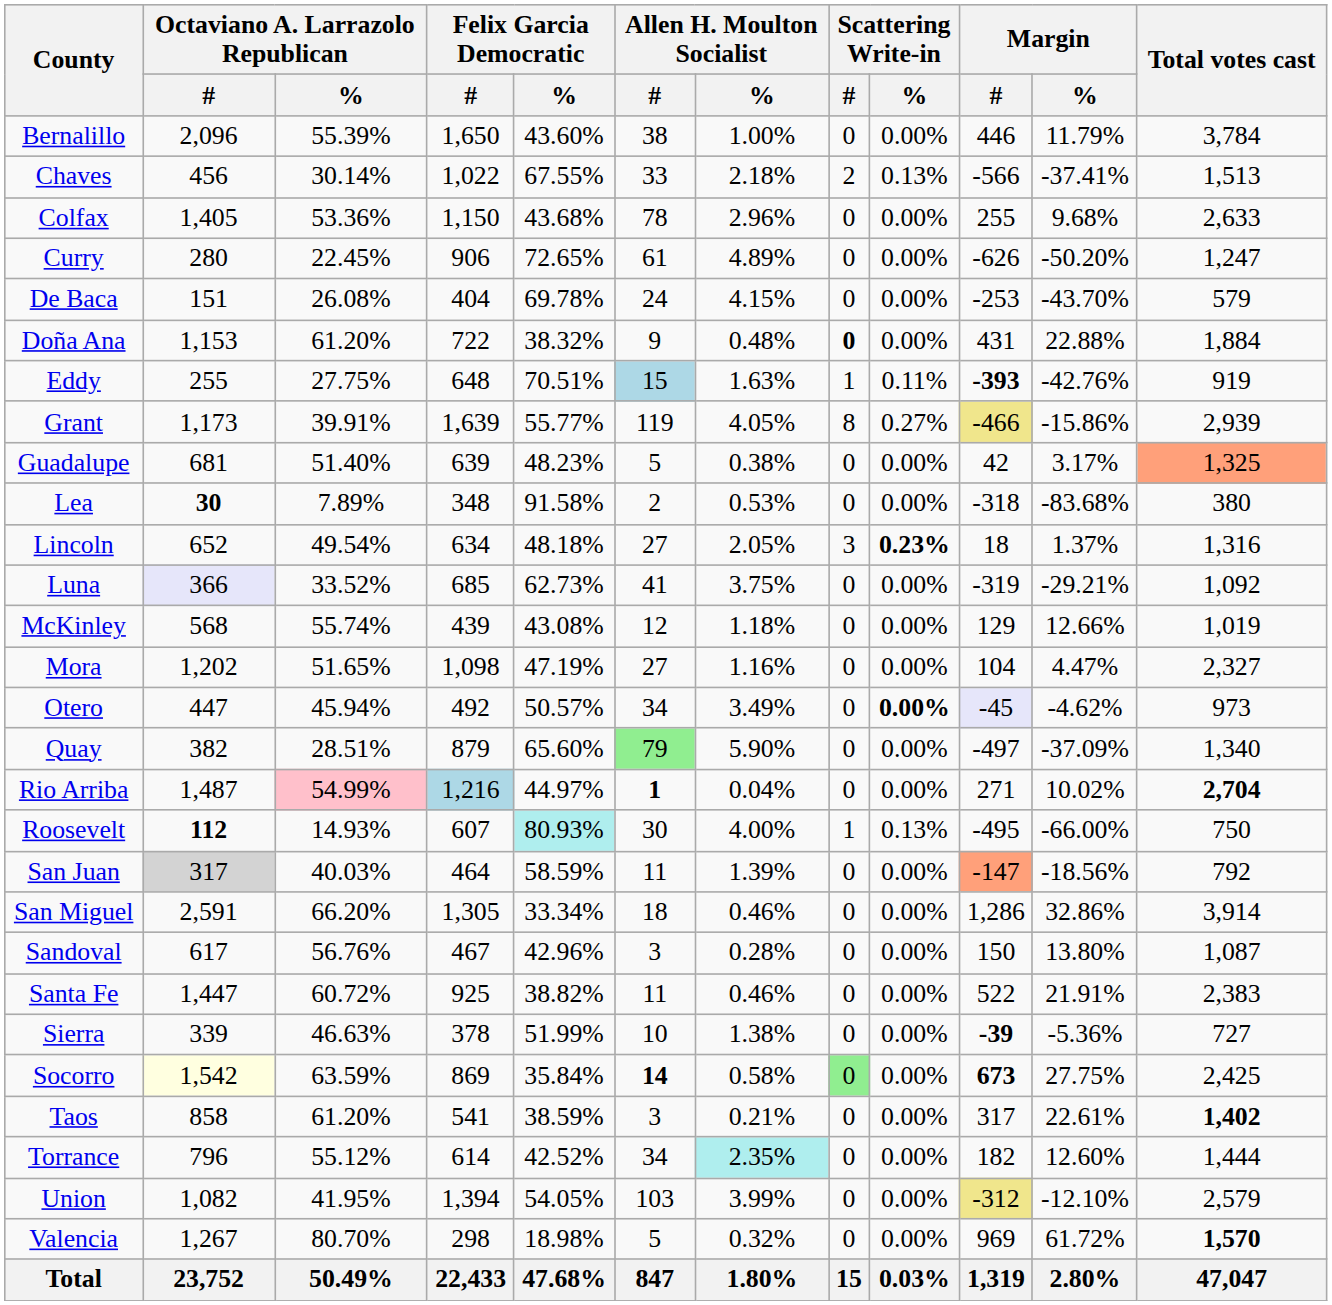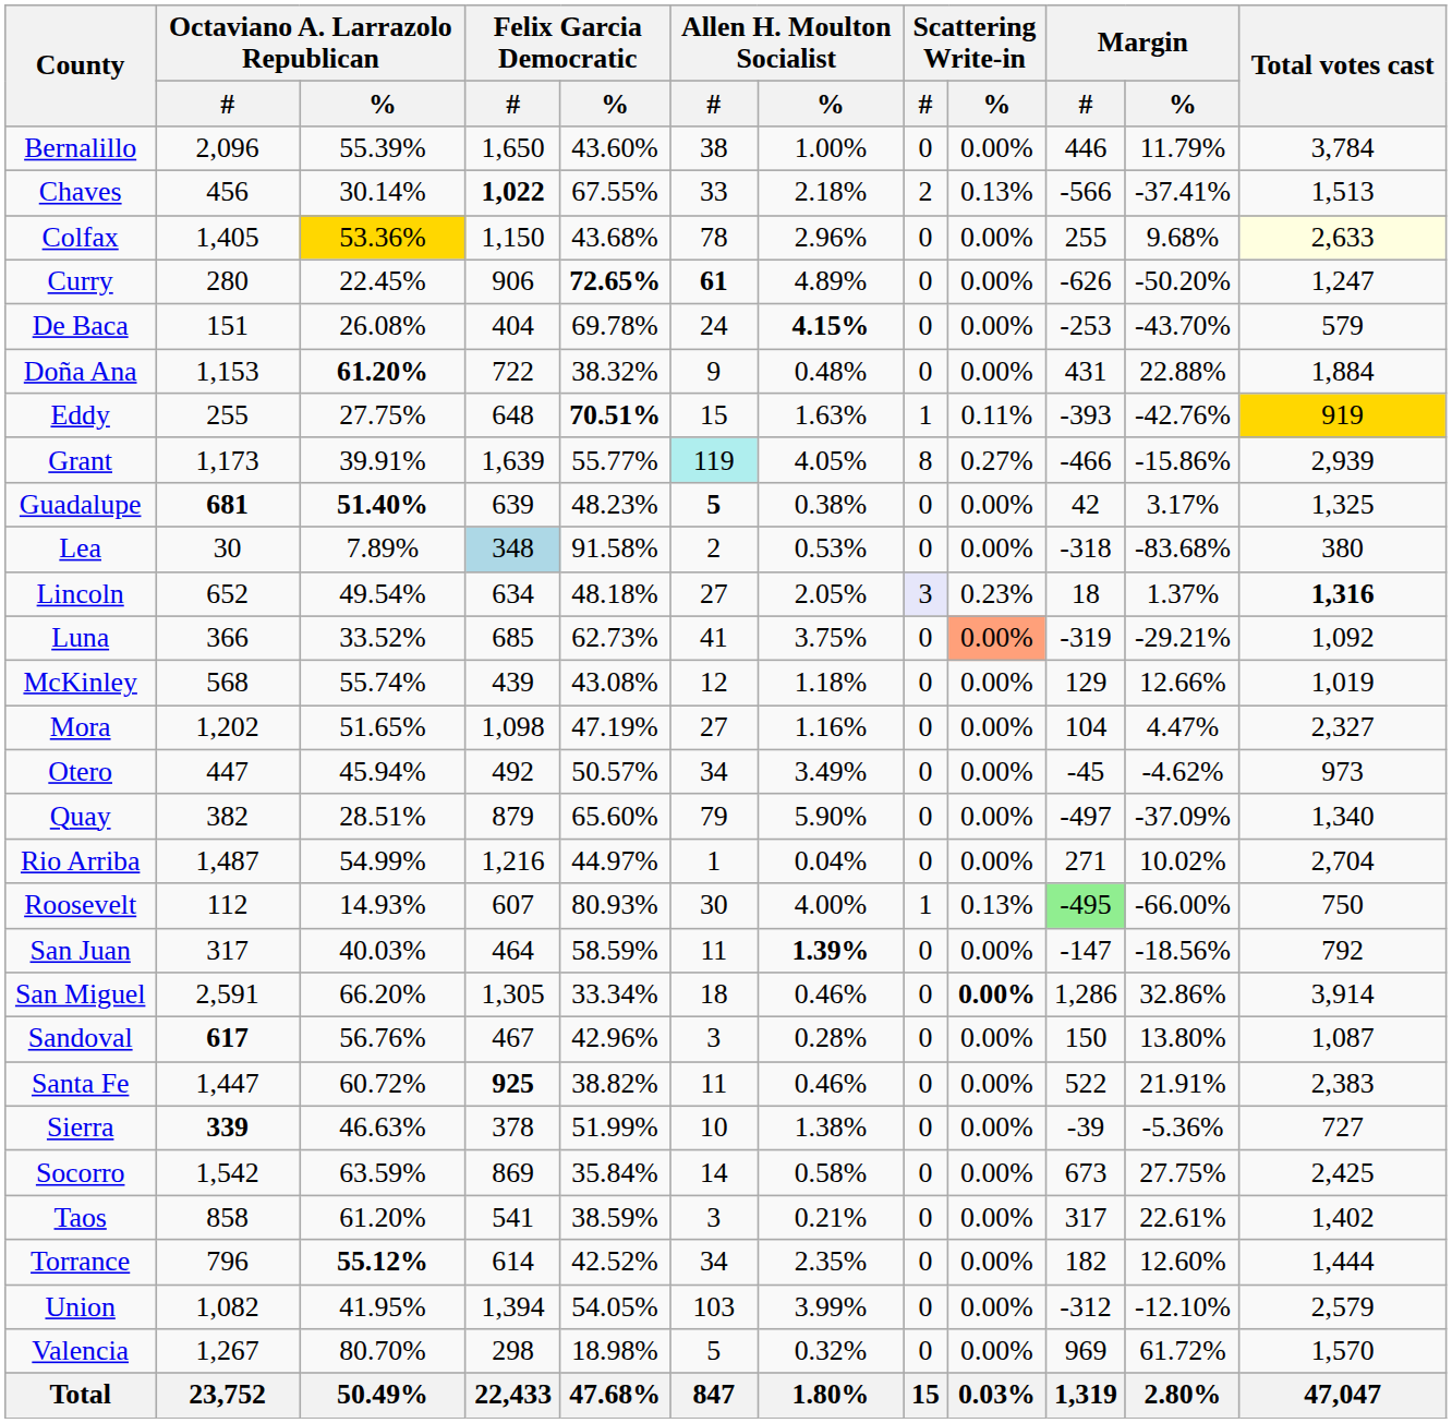 <table width="65%" class="wikitable sortable" style="text-align:center">
 <tr>
 <th style="text-align:center;" rowspan="2">County</th>
 <th style="text-align:center;" colspan="2">Octaviano A. Larrazolo<br>Republican</th>
 <th style="text-align:center;" colspan="2">Felix Garcia<br>Democratic</th>
 <th style="text-align:center;" colspan="2">Allen H. Moulton<br>Socialist</th>
 <th style="text-align:center;" colspan="2">Scattering<br>Write-in</th>
 <th style="text-align:center;" colspan="2">Margin</th>
 <th style="text-align:center;" rowspan="2">Total votes cast</th>
 </tr>
 <tr>
 <th style="text-align:center;" data-sort-type="number">#</th>
 <th style="text-align:center;" data-sort-type="number">%</th>
 <th style="text-align:center;" data-sort-type="number">#</th>
 <th style="text-align:center;" data-sort-type="number">%</th>
 <th style="text-align:center;" data-sort-type="number">#</th>
 <th style="text-align:center;" data-sort-type="number">%</th>
 <th style="text-align:center;" data-sort-type="number">#</th>
 <th style="text-align:center;" data-sort-type="number">%</th>
 <th style="text-align:center;" data-sort-type="number">#</th>
 <th style="text-align:center;" data-sort-type="number">%</th>
 </tr>
 <tr style="text-align:center;">
 <td><a href='#'>Bernalillo</a></td>
 <td>2,096</td>
 <td>55.39%</td>
 <td>1,650</td>
 <td>43.60%</td>
 <td>38</td>
 <td>1.00%</td>
 <td>0</td>
 <td>0.00%</td>
 <td>446</td>
 <td>11.79%</td>
 <td>3,784</td>
 </tr>
 <tr style="text-align:center;">
 <td><a href='#'>Chaves</a></td>
 <td>456</td>
 <td>30.14%</td>
-<td>1,022</td>
+<td><strong>1,022</strong></td>
 <td>67.55%</td>
 <td>33</td>
 <td>2.18%</td>
 <td>2</td>
 <td>0.13%</td>
 <td>-566</td>
 <td>-37.41%</td>
 <td>1,513</td>
 </tr>
 <tr style="text-align:center;">
 <td><a href='#'>Colfax</a></td>
 <td>1,405</td>
-<td>53.36%</td>
+<td style="background: gold;">53.36%</td>
 <td>1,150</td>
 <td>43.68%</td>
 <td>78</td>
 <td>2.96%</td>
 <td>0</td>
 <td>0.00%</td>
 <td>255</td>
 <td>9.68%</td>
-<td>2,633</td>
+<td style="background: lightyellow;">2,633</td>
 </tr>
 <tr style="text-align:center;">
 <td><a href='#'>Curry</a></td>
 <td>280</td>
 <td>22.45%</td>
 <td>906</td>
-<td>72.65%</td>
-<td>61</td>
+<td><strong>72.65%</strong></td>
+<td><strong>61</strong></td>
 <td>4.89%</td>
 <td>0</td>
 <td>0.00%</td>
 <td>-626</td>
 <td>-50.20%</td>
 <td>1,247</td>
 </tr>
 <tr style="text-align:center;">
 <td><a href='#'>De Baca</a></td>
 <td>151</td>
 <td>26.08%</td>
 <td>404</td>
 <td>69.78%</td>
 <td>24</td>
-<td>4.15%</td>
+<td><strong>4.15%</strong></td>
 <td>0</td>
 <td>0.00%</td>
 <td>-253</td>
 <td>-43.70%</td>
 <td>579</td>
 </tr>
 <tr style="text-align:center;">
 <td><a href='#'>Doña Ana</a></td>
 <td>1,153</td>
-<td>61.20%</td>
+<td><strong>61.20%</strong></td>
 <td>722</td>
 <td>38.32%</td>
 <td>9</td>
 <td>0.48%</td>
-<td><strong>0</strong></td>
+<td>0</td>
 <td>0.00%</td>
 <td>431</td>
 <td>22.88%</td>
 <td>1,884</td>
 </tr>
 <tr style="text-align:center;">
 <td><a href='#'>Eddy</a></td>
 <td>255</td>
 <td>27.75%</td>
 <td>648</td>
-<td>70.51%</td>
-<td style="background: lightblue;">15</td>
+<td><strong>70.51%</strong></td>
+<td>15</td>
 <td>1.63%</td>
 <td>1</td>
 <td>0.11%</td>
-<td><strong>-393</strong></td>
+<td>-393</td>
 <td>-42.76%</td>
-<td>919</td>
+<td style="background: gold;">919</td>
 </tr>
 <tr style="text-align:center;">
 <td><a href='#'>Grant</a></td>
 <td>1,173</td>
 <td>39.91%</td>
 <td>1,639</td>
 <td>55.77%</td>
-<td>119</td>
+<td style="background: paleturquoise;">119</td>
 <td>4.05%</td>
 <td>8</td>
 <td>0.27%</td>
-<td style="background: khaki;">-466</td>
+<td>-466</td>
 <td>-15.86%</td>
 <td>2,939</td>
 </tr>
 <tr style="text-align:center;">
 <td><a href='#'>Guadalupe</a></td>
-<td>681</td>
-<td>51.40%</td>
+<td><strong>681</strong></td>
+<td><strong>51.40%</strong></td>
 <td>639</td>
 <td>48.23%</td>
-<td>5</td>
+<td><strong>5</strong></td>
 <td>0.38%</td>
 <td>0</td>
 <td>0.00%</td>
 <td>42</td>
 <td>3.17%</td>
-<td style="background: lightsalmon;">1,325</td>
+<td>1,325</td>
 </tr>
 <tr style="text-align:center;">
 <td><a href='#'>Lea</a></td>
-<td><strong>30</strong></td>
+<td>30</td>
 <td>7.89%</td>
-<td>348</td>
+<td style="background: lightblue;">348</td>
 <td>91.58%</td>
 <td>2</td>
 <td>0.53%</td>
 <td>0</td>
 <td>0.00%</td>
 <td>-318</td>
 <td>-83.68%</td>
 <td>380</td>
 </tr>
 <tr style="text-align:center;">
 <td><a href='#'>Lincoln</a></td>
 <td>652</td>
 <td>49.54%</td>
 <td>634</td>
 <td>48.18%</td>
 <td>27</td>
 <td>2.05%</td>
-<td>3</td>
-<td><strong>0.23%</strong></td>
+<td style="background: lavender;">3</td>
+<td>0.23%</td>
 <td>18</td>
 <td>1.37%</td>
-<td>1,316</td>
+<td><strong>1,316</strong></td>
 </tr>
 <tr style="text-align:center;">
 <td><a href='#'>Luna</a></td>
-<td style="background: lavender;">366</td>
+<td>366</td>
 <td>33.52%</td>
 <td>685</td>
 <td>62.73%</td>
 <td>41</td>
 <td>3.75%</td>
 <td>0</td>
-<td>0.00%</td>
+<td style="background: lightsalmon;">0.00%</td>
 <td>-319</td>
 <td>-29.21%</td>
 <td>1,092</td>
 </tr>
 <tr style="text-align:center;">
 <td><a href='#'>McKinley</a></td>
 <td>568</td>
 <td>55.74%</td>
 <td>439</td>
 <td>43.08%</td>
 <td>12</td>
 <td>1.18%</td>
 <td>0</td>
 <td>0.00%</td>
 <td>129</td>
 <td>12.66%</td>
 <td>1,019</td>
 </tr>
 <tr style="text-align:center;">
 <td><a href='#'>Mora</a></td>
 <td>1,202</td>
 <td>51.65%</td>
 <td>1,098</td>
 <td>47.19%</td>
 <td>27</td>
 <td>1.16%</td>
 <td>0</td>
 <td>0.00%</td>
 <td>104</td>
 <td>4.47%</td>
 <td>2,327</td>
 </tr>
 <tr style="text-align:center;">
 <td><a href='#'>Otero</a></td>
 <td>447</td>
 <td>45.94%</td>
 <td>492</td>
 <td>50.57%</td>
 <td>34</td>
 <td>3.49%</td>
 <td>0</td>
-<td><strong>0.00%</strong></td>
-<td style="background: lavender;">-45</td>
+<td>0.00%</td>
+<td>-45</td>
 <td>-4.62%</td>
 <td>973</td>
 </tr>
 <tr style="text-align:center;">
 <td><a href='#'>Quay</a></td>
 <td>382</td>
 <td>28.51%</td>
 <td>879</td>
 <td>65.60%</td>
-<td style="background: lightgreen;">79</td>
+<td>79</td>
 <td>5.90%</td>
 <td>0</td>
 <td>0.00%</td>
 <td>-497</td>
 <td>-37.09%</td>
 <td>1,340</td>
 </tr>
 <tr style="text-align:center;">
 <td><a href='#'>Rio Arriba</a></td>
 <td>1,487</td>
-<td style="background: pink;">54.99%</td>
-<td style="background: lightblue;">1,216</td>
+<td>54.99%</td>
+<td>1,216</td>
 <td>44.97%</td>
-<td><strong>1</strong></td>
+<td>1</td>
 <td>0.04%</td>
 <td>0</td>
 <td>0.00%</td>
 <td>271</td>
 <td>10.02%</td>
-<td><strong>2,704</strong></td>
+<td>2,704</td>
 </tr>
 <tr style="text-align:center;">
 <td><a href='#'>Roosevelt</a></td>
-<td><strong>112</strong></td>
+<td>112</td>
 <td>14.93%</td>
 <td>607</td>
-<td style="background: paleturquoise;">80.93%</td>
+<td>80.93%</td>
 <td>30</td>
 <td>4.00%</td>
 <td>1</td>
 <td>0.13%</td>
-<td>-495</td>
+<td style="background: lightgreen;">-495</td>
 <td>-66.00%</td>
 <td>750</td>
 </tr>
 <tr style="text-align:center;">
 <td><a href='#'>San Juan</a></td>
-<td style="background: lightgrey;">317</td>
+<td>317</td>
 <td>40.03%</td>
 <td>464</td>
 <td>58.59%</td>
 <td>11</td>
-<td>1.39%</td>
+<td><strong>1.39%</strong></td>
 <td>0</td>
 <td>0.00%</td>
-<td style="background: lightsalmon;">-147</td>
+<td>-147</td>
 <td>-18.56%</td>
 <td>792</td>
 </tr>
 <tr style="text-align:center;">
 <td><a href='#'>San Miguel</a></td>
 <td>2,591</td>
 <td>66.20%</td>
 <td>1,305</td>
 <td>33.34%</td>
 <td>18</td>
 <td>0.46%</td>
 <td>0</td>
-<td>0.00%</td>
+<td><strong>0.00%</strong></td>
 <td>1,286</td>
 <td>32.86%</td>
 <td>3,914</td>
 </tr>
 <tr style="text-align:center;">
 <td><a href='#'>Sandoval</a></td>
-<td>617</td>
+<td><strong>617</strong></td>
 <td>56.76%</td>
 <td>467</td>
 <td>42.96%</td>
 <td>3</td>
 <td>0.28%</td>
 <td>0</td>
 <td>0.00%</td>
 <td>150</td>
 <td>13.80%</td>
 <td>1,087</td>
 </tr>
 <tr style="text-align:center;">
 <td><a href='#'>Santa Fe</a></td>
 <td>1,447</td>
 <td>60.72%</td>
-<td>925</td>
+<td><strong>925</strong></td>
 <td>38.82%</td>
 <td>11</td>
 <td>0.46%</td>
 <td>0</td>
 <td>0.00%</td>
 <td>522</td>
 <td>21.91%</td>
 <td>2,383</td>
 </tr>
 <tr style="text-align:center;">
 <td><a href='#'>Sierra</a></td>
-<td>339</td>
+<td><strong>339</strong></td>
 <td>46.63%</td>
 <td>378</td>
 <td>51.99%</td>
 <td>10</td>
 <td>1.38%</td>
 <td>0</td>
 <td>0.00%</td>
-<td><strong>-39</strong></td>
+<td>-39</td>
 <td>-5.36%</td>
 <td>727</td>
 </tr>
 <tr style="text-align:center;">
 <td><a href='#'>Socorro</a></td>
-<td style="background: lightyellow;">1,542</td>
+<td>1,542</td>
 <td>63.59%</td>
 <td>869</td>
 <td>35.84%</td>
-<td><strong>14</strong></td>
+<td>14</td>
 <td>0.58%</td>
-<td style="background: lightgreen;">0</td>
+<td>0</td>
 <td>0.00%</td>
-<td><strong>673</strong></td>
+<td>673</td>
 <td>27.75%</td>
 <td>2,425</td>
 </tr>
 <tr style="text-align:center;">
 <td><a href='#'>Taos</a></td>
 <td>858</td>
 <td>61.20%</td>
 <td>541</td>
 <td>38.59%</td>
 <td>3</td>
 <td>0.21%</td>
 <td>0</td>
 <td>0.00%</td>
 <td>317</td>
 <td>22.61%</td>
-<td><strong>1,402</strong></td>
+<td>1,402</td>
 </tr>
 <tr style="text-align:center;">
 <td><a href='#'>Torrance</a></td>
 <td>796</td>
-<td>55.12%</td>
+<td><strong>55.12%</strong></td>
 <td>614</td>
 <td>42.52%</td>
 <td>34</td>
-<td style="background: paleturquoise;">2.35%</td>
+<td>2.35%</td>
 <td>0</td>
 <td>0.00%</td>
 <td>182</td>
 <td>12.60%</td>
 <td>1,444</td>
 </tr>
 <tr style="text-align:center;">
 <td><a href='#'>Union</a></td>
 <td>1,082</td>
 <td>41.95%</td>
 <td>1,394</td>
 <td>54.05%</td>
 <td>103</td>
 <td>3.99%</td>
 <td>0</td>
 <td>0.00%</td>
-<td style="background: khaki;">-312</td>
+<td>-312</td>
 <td>-12.10%</td>
 <td>2,579</td>
 </tr>
 <tr style="text-align:center;">
 <td><a href='#'>Valencia</a></td>
 <td>1,267</td>
 <td>80.70%</td>
 <td>298</td>
 <td>18.98%</td>
 <td>5</td>
 <td>0.32%</td>
 <td>0</td>
 <td>0.00%</td>
 <td>969</td>
 <td>61.72%</td>
-<td><strong>1,570</strong></td>
+<td>1,570</td>
 </tr>
 <tr style="text-align:center;">
 <th>Total</th>
 <th>23,752</th>
 <th>50.49%</th>
 <th>22,433</th>
 <th>47.68%</th>
 <th>847</th>
 <th>1.80%</th>
 <th>15</th>
 <th>0.03%</th>
 <th>1,319</th>
 <th>2.80%</th>
 <th>47,047</th>
 </tr>
 </table>
